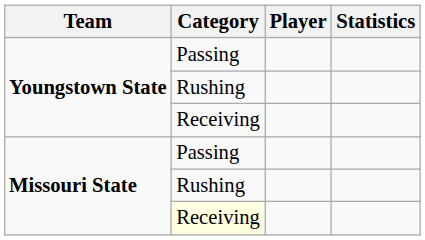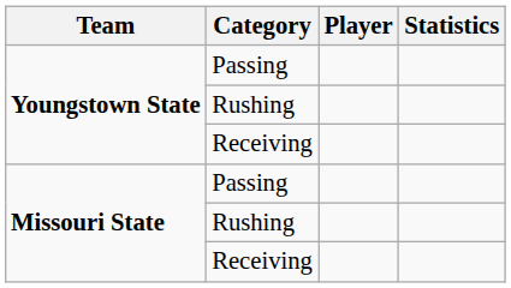 <table class="wikitable" style="float: right;">
 <tr>
 <th>Team</th>
 <th>Category</th>
 <th>Player</th>
 <th>Statistics</th>
 </tr>
 <tr>
 <td rowspan=3><strong>Youngstown State</strong></td>
 <td>Passing</td>
 <td></td>
 <td></td>
 </tr>
 <tr>
 <td>Rushing</td>
 <td></td>
 <td></td>
 </tr>
 <tr>
 <td>Receiving</td>
 <td></td>
 <td></td>
 </tr>
 <tr>
 <td rowspan=3><strong>Missouri State</strong></td>
 <td>Passing</td>
 <td></td>
 <td></td>
 </tr>
 <tr>
 <td>Rushing</td>
 <td></td>
 <td></td>
 </tr>
 <tr>
-<td style="background: lightyellow;">Receiving</td>
+<td>Receiving</td>
 <td></td>
 <td></td>
 </tr>
 </table>
